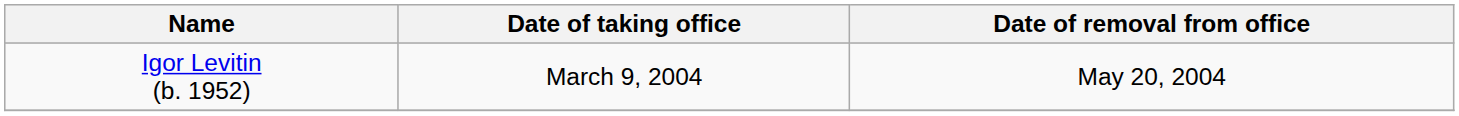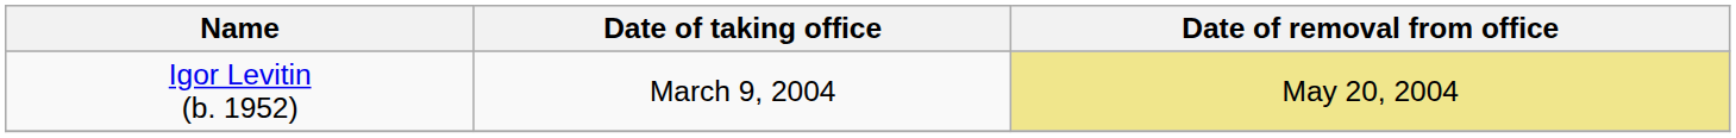 <table class="wikitable" style="text-align:center" width=75%>
 <tr>
 <th width=250px>Name</th>
 <th>Date of taking office</th>
 <th>Date of removal from office</th>
 </tr>
 <tr>
 <td><a href='#'>Igor Levitin</a><br>(b. 1952)<br></td>
 <td>March 9, 2004</td>
-<td>May 20, 2004</td>
+<td style="background: khaki;">May 20, 2004</td>
 </tr>
 <tr>
 </tr>
 </table>
